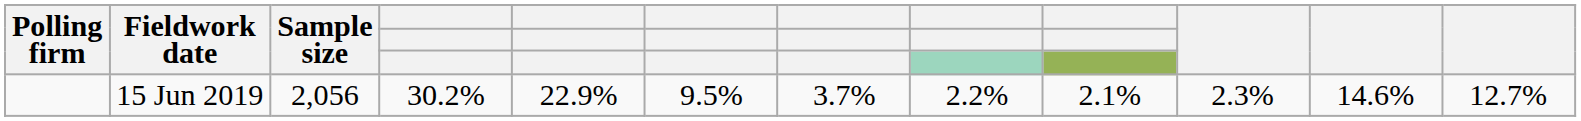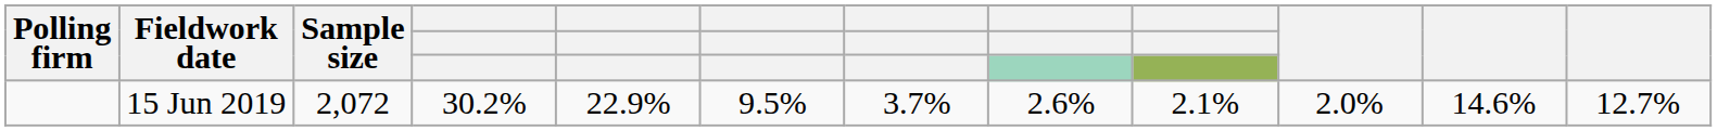 <table class="wikitable sortable" style="text-align:center;font-size:95%;line-height:14px;">
 <tr>
 <th rowspan="3">Polling<br>firm</th>
 <th rowspan="3">Fieldwork<br>date</th>
 <th rowspan="3">Sample<br>size</th>
 <th></th>
 <th></th>
 <th></th>
 <th></th>
 <th></th>
 <th></th>
 <th rowspan="3" style="width:60px;"></th>
 <th rowspan="3" style="width:60px;"></th>
 <th rowspan="3" style="width:60px;"></th>
 </tr>
 <tr>
 <th style="width:60px;"></th>
 <th style="width:60px;"></th>
 <th style="width:60px;"></th>
 <th style="width:60px;"></th>
 <th style="width:60px;"></th>
 <th style="width:60px;"></th>
 </tr>
 <tr>
 <th style="background:"></th>
 <th style="background:"></th>
 <th style="background:"></th>
 <th style="background:"></th>
 <th style="background:#9CD6BE;"></th>
 <th style="background:#95B256;"></th>
 </tr>
 <tr>
 <td></td>
 <td>15 Jun 2019</td>
-<td>2,056</td>
+<td>2,072</td>
 <td>30.2%</td>
 <td>22.9%</td>
 <td>9.5%</td>
 <td>3.7%</td>
-<td>2.2%</td>
+<td>2.6%</td>
 <td>2.1%</td>
-<td>2.3%</td>
+<td>2.0%</td>
 <td>14.6%</td>
 <td>12.7%</td>
 </tr>
 </table>
